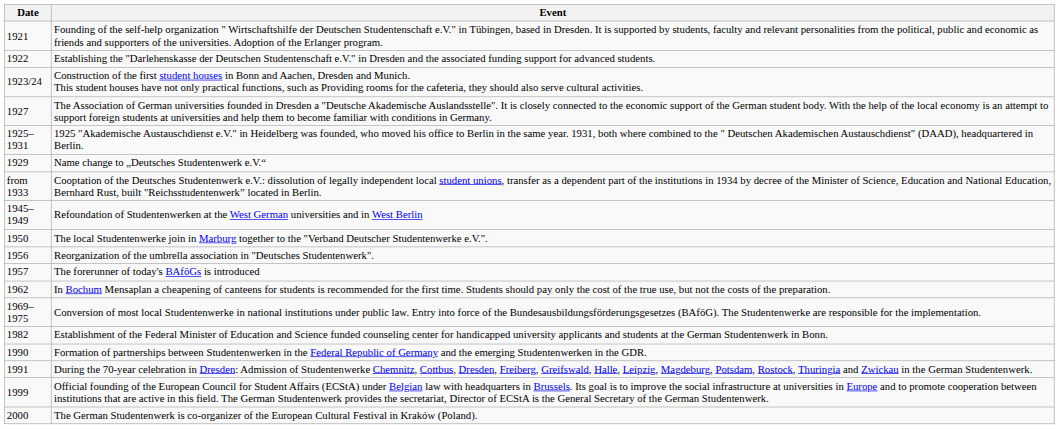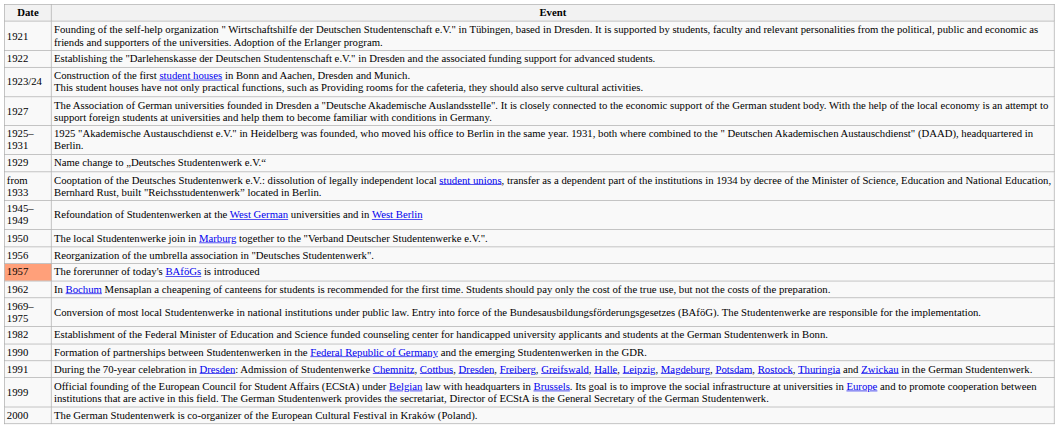 <table class="wikitable">
 <tr>
 <th>Date</th>
 <th>Event</th>
 </tr>
 <tr>
 <td>1921</td>
 <td>Founding of the self-help organization " Wirtschaftshilfe der Deutschen Studentenschaft e.V." in Tübingen, based in Dresden. It is supported by students, faculty and relevant personalities from the political, public and economic as friends and supporters of the universities. Adoption of the Erlanger program.</td>
 </tr>
 <tr>
 <td>1922</td>
 <td>Establishing the "Darlehenskasse der Deutschen Studentenschaft e.V." in Dresden and the associated funding support for advanced students.</td>
 </tr>
 <tr>
 <td>1923/24</td>
 <td>Construction of the first <a href='#'>student houses</a> in Bonn and Aachen, Dresden and Munich.<br>This student houses have not only practical functions, such as Providing rooms for the cafeteria, they should also serve cultural activities.</td>
 </tr>
 <tr>
 <td>1927</td>
 <td>The Association of German universities founded in Dresden a "Deutsche Akademische Auslandsstelle". It is closely connected to the economic support of the German student body. With the help of the local economy is an attempt to support foreign students at universities and help them to become familiar with conditions in Germany.</td>
 </tr>
 <tr>
 <td>1925–1931</td>
 <td>1925 "Akademische Austauschdienst e.V." in Heidelberg was founded, who moved his office to Berlin in the same year. 1931, both where combined to the " Deutschen Akademischen Austauschdienst" (DAAD), headquartered in Berlin.</td>
 </tr>
 <tr>
 <td>1929</td>
 <td>Name change to „Deutsches Studentenwerk e.V.“</td>
 </tr>
 <tr>
 <td>from 1933</td>
 <td>Cooptation of the Deutsches Studentenwerk e.V.: dissolution of legally independent local <a href='#'>student unions</a>, transfer as a dependent part of the institutions in 1934 by decree of the Minister of Science, Education and National Education, Bernhard Rust, built "Reichsstudentenwerk” located in Berlin.</td>
 </tr>
 <tr>
 <td>1945–1949</td>
 <td>Refoundation of Studentenwerken at the <a href='#'>West German</a> universities and in <a href='#'>West Berlin</a></td>
 </tr>
 <tr>
 <td>1950</td>
 <td>The local Studentenwerke join in <a href='#'>Marburg</a> together to the "Verband Deutscher Studentenwerke e.V.".</td>
 </tr>
 <tr>
 <td>1956</td>
 <td>Reorganization of the umbrella association in "Deutsches Studentenwerk".</td>
 </tr>
 <tr>
-<td>1957</td>
+<td style="background: lightsalmon;">1957</td>
 <td>The forerunner of today's <a href='#'>BAföGs</a> is introduced</td>
 </tr>
 <tr>
 <td>1962</td>
 <td>In <a href='#'>Bochum</a> Mensaplan a cheapening of canteens for students is recommended for the first time. Students should pay only the cost of the true use, but not the costs of the preparation.</td>
 </tr>
 <tr>
 <td>1969–1975</td>
 <td>Conversion of most local Studentenwerke in national institutions under public law. Entry into force of the Bundesausbildungsförderungsgesetzes (BAföG). The Studentenwerke are responsible for the implementation.</td>
 </tr>
 <tr>
 <td>1982</td>
 <td>Establishment of the Federal Minister of Education and Science funded counseling center for handicapped university applicants and students at the German Studentenwerk in Bonn.</td>
 </tr>
 <tr>
 <td>1990</td>
 <td>Formation of partnerships between Studentenwerken in the <a href='#'>Federal Republic of Germany</a> and the emerging Studentenwerken in the GDR.</td>
 </tr>
 <tr>
 <td>1991</td>
 <td>During the 70-year celebration in <a href='#'>Dresden</a>: Admission of Studentenwerke <a href='#'>Chemnitz</a>, <a href='#'>Cottbus</a>, <a href='#'>Dresden</a>, <a href='#'>Freiberg</a>, <a href='#'>Greifswald</a>, <a href='#'>Halle</a>, <a href='#'>Leipzig</a>, <a href='#'>Magdeburg</a>, <a href='#'>Potsdam</a>, <a href='#'>Rostock</a>, <a href='#'>Thuringia</a> and <a href='#'>Zwickau</a> in the German Studentenwerk.</td>
 </tr>
 <tr>
 <td>1999</td>
 <td>Official founding of the European Council for Student Affairs (ECStA) under <a href='#'>Belgian</a> law with headquarters in <a href='#'>Brussels</a>. Its goal is to improve the social infrastructure at universities in <a href='#'>Europe</a> and to promote cooperation between institutions that are active in this field. The German Studentenwerk provides the secretariat, Director of ECStA is the General Secretary of the German Studentenwerk.</td>
 </tr>
 <tr>
 <td>2000</td>
 <td>The German Studentenwerk is co-organizer of the European Cultural Festival in Kraków (Poland).</td>
 </tr>
 </table>
